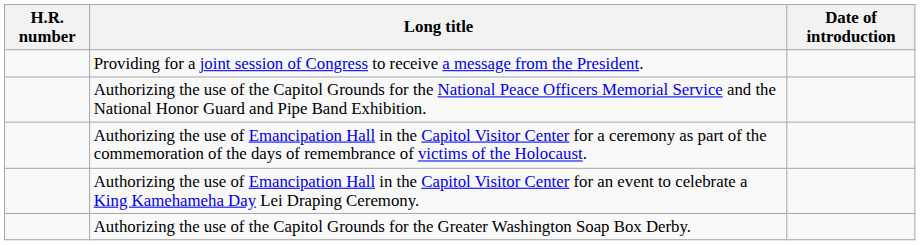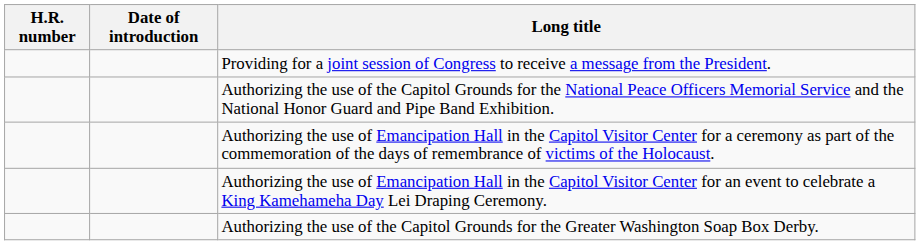 <table class="wikitable">
 <tr>
 <th>H.R. number</th>
+<th>Date of introduction</th>
 <th>Long title</th>
-<th>Date of introduction</th>
 </tr>
 <tr>
 <td></td>
+<td></td>
 <td>Providing for a <a href='#'>joint session of Congress</a> to receive <a href='#'>a message from the President</a>.</td>
-<td></td>
 </tr>
 <tr>
 <td></td>
+<td></td>
 <td>Authorizing the use of the Capitol Grounds for the <a href='#'>National Peace Officers Memorial Service</a> and the National Honor Guard and Pipe Band Exhibition.</td>
-<td></td>
 </tr>
 <tr>
 <td></td>
+<td></td>
 <td>Authorizing the use of <a href='#'>Emancipation Hall</a> in the <a href='#'>Capitol Visitor Center</a> for a ceremony as part of the commemoration of the days of remembrance of <a href='#'>victims of the Holocaust</a>.</td>
-<td></td>
 </tr>
 <tr>
 <td></td>
+<td></td>
 <td>Authorizing the use of <a href='#'>Emancipation Hall</a> in the <a href='#'>Capitol Visitor Center</a> for an event to celebrate a <a href='#'>King Kamehameha Day</a> Lei Draping Ceremony.</td>
-<td></td>
 </tr>
 <tr>
 <td></td>
+<td></td>
 <td>Authorizing the use of the Capitol Grounds for the Greater Washington Soap Box Derby.</td>
-<td></td>
 </tr>
 </table>
